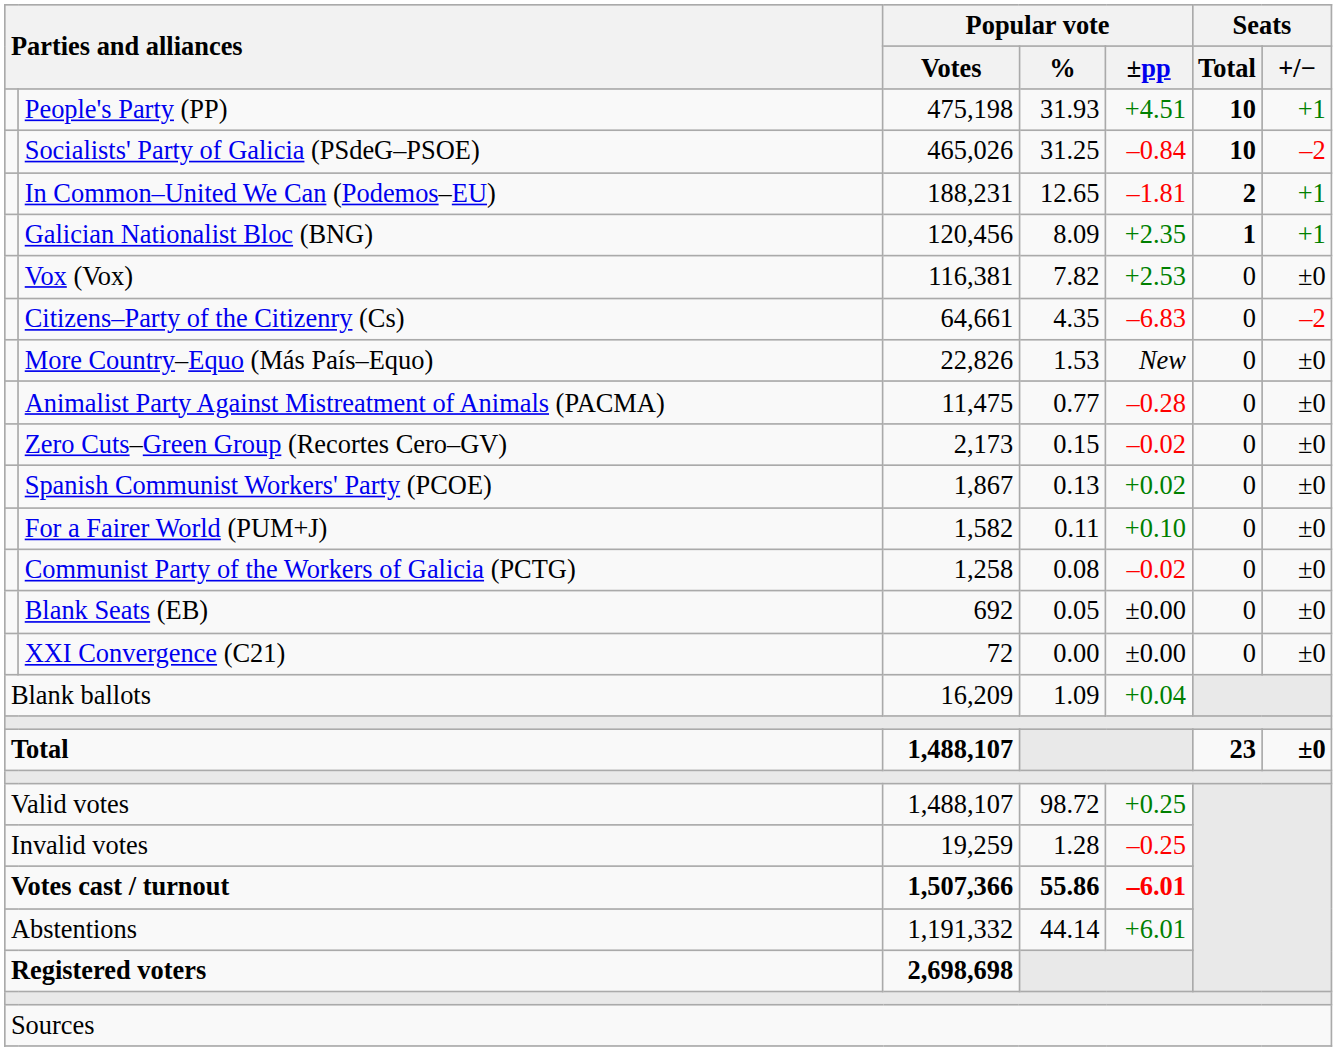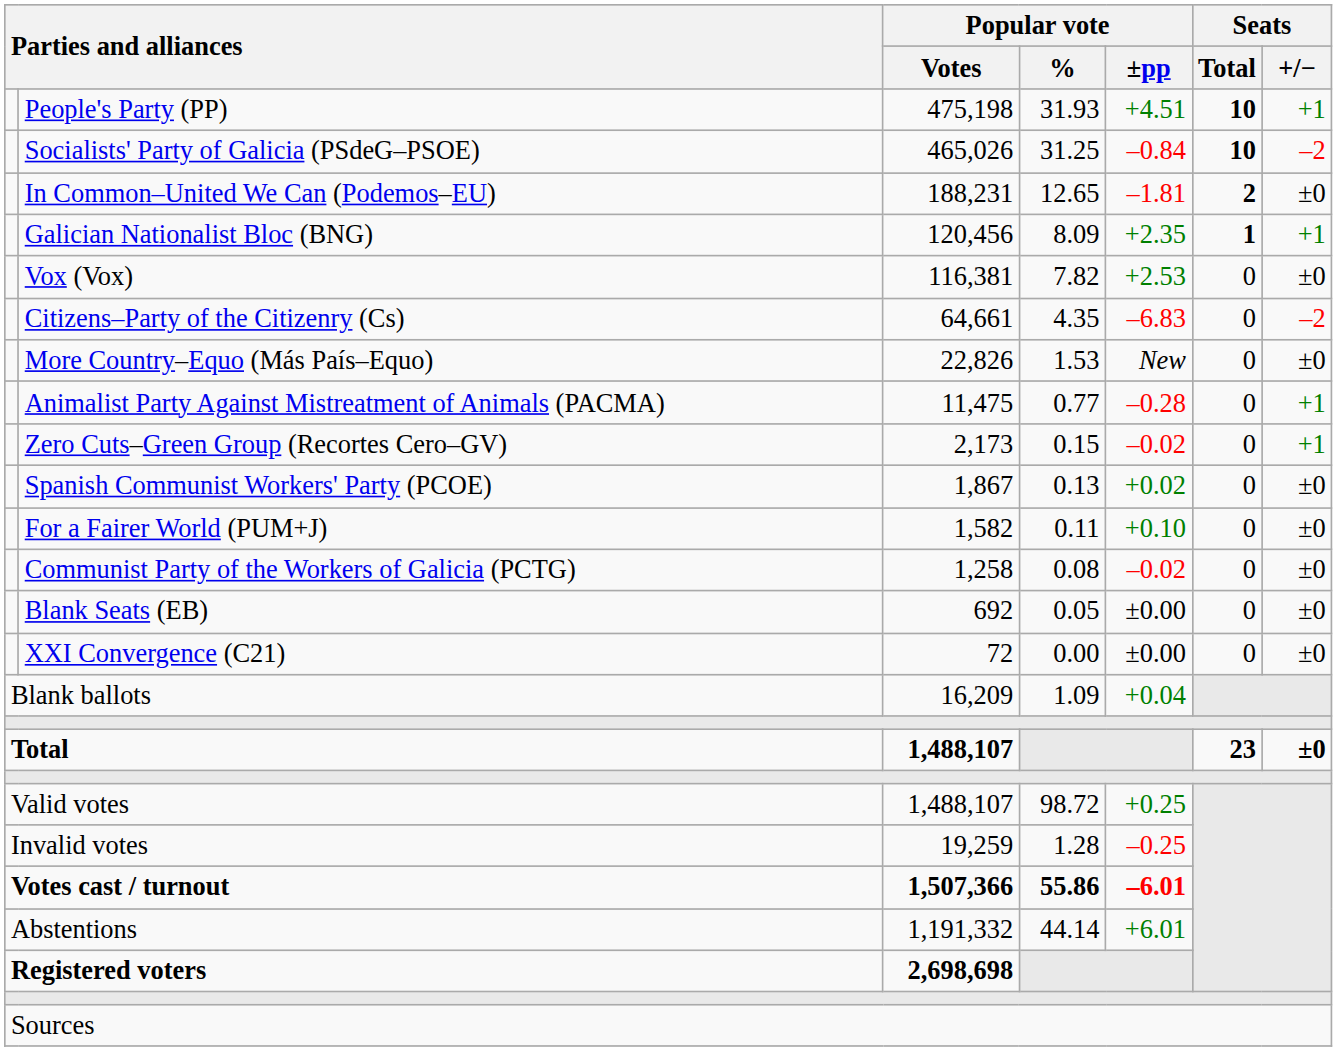 <table class="wikitable" style="text-align:right;">
 <tr>
 <th style="text-align:left;" rowspan="2" colspan="2" width="525">Parties and alliances</th>
 <th colspan="3">Popular vote</th>
 <th colspan="2">Seats</th>
 </tr>
 <tr>
 <th width="75">Votes</th>
 <th width="45">%</th>
 <th width="45">±<a href='#'>pp</a></th>
 <th width="35">Total</th>
 <th width="35">+/−</th>
 </tr>
 <tr>
 <td width="1" style="color:inherit;background:"></td>
 <td align="left"><a href='#'>People's Party</a> (PP)</td>
 <td>475,198</td>
 <td>31.93</td>
 <td style="color:green;">+4.51</td>
 <td><strong>10</strong></td>
 <td style="color:green;">+1</td>
 </tr>
 <tr>
 <td style="color:inherit;background:"></td>
 <td align="left"><a href='#'>Socialists' Party of Galicia</a> (PSdeG–PSOE)</td>
 <td>465,026</td>
 <td>31.25</td>
 <td style="color:red;">–0.84</td>
 <td><strong>10</strong></td>
 <td style="color:red;">–2</td>
 </tr>
 <tr>
 <td style="color:inherit;background:"></td>
 <td align="left"><a href='#'>In Common–United We Can</a> (<a href='#'>Podemos</a>–<a href='#'>EU</a>)</td>
 <td>188,231</td>
 <td>12.65</td>
 <td style="color:red;">–1.81</td>
 <td><strong>2</strong></td>
-<td style="color:green;">+1</td>
+<td>±0</td>
 </tr>
 <tr>
 <td style="color:inherit;background:"></td>
 <td align="left"><a href='#'>Galician Nationalist Bloc</a> (BNG)</td>
 <td>120,456</td>
 <td>8.09</td>
 <td style="color:green;">+2.35</td>
 <td><strong>1</strong></td>
 <td style="color:green;">+1</td>
 </tr>
 <tr>
 <td style="color:inherit;background:"></td>
 <td align="left"><a href='#'>Vox</a> (Vox)</td>
 <td>116,381</td>
 <td>7.82</td>
 <td style="color:green;">+2.53</td>
 <td>0</td>
 <td>±0</td>
 </tr>
 <tr>
 <td style="color:inherit;background:"></td>
 <td align="left"><a href='#'>Citizens–Party of the Citizenry</a> (Cs)</td>
 <td>64,661</td>
 <td>4.35</td>
 <td style="color:red;">–6.83</td>
 <td>0</td>
 <td style="color:red;">–2</td>
 </tr>
 <tr>
 <td style="color:inherit;background:"></td>
 <td align="left"><a href='#'>More Country</a>–<a href='#'>Equo</a> (Más País–Equo)</td>
 <td>22,826</td>
 <td>1.53</td>
 <td><em>New</em></td>
 <td>0</td>
 <td>±0</td>
 </tr>
 <tr>
 <td style="color:inherit;background:"></td>
 <td align="left"><a href='#'>Animalist Party Against Mistreatment of Animals</a> (PACMA)</td>
 <td>11,475</td>
 <td>0.77</td>
 <td style="color:red;">–0.28</td>
 <td>0</td>
-<td>±0</td>
+<td style="color:green;">+1</td>
 </tr>
 <tr>
 <td style="color:inherit;background:"></td>
 <td align="left"><a href='#'>Zero Cuts</a>–<a href='#'>Green Group</a> (Recortes Cero–GV)</td>
 <td>2,173</td>
 <td>0.15</td>
 <td style="color:red;">–0.02</td>
 <td>0</td>
-<td>±0</td>
+<td style="color:green;">+1</td>
 </tr>
 <tr>
 <td style="color:inherit;background:"></td>
 <td align="left"><a href='#'>Spanish Communist Workers' Party</a> (PCOE)</td>
 <td>1,867</td>
 <td>0.13</td>
 <td style="color:green;">+0.02</td>
 <td>0</td>
 <td>±0</td>
 </tr>
 <tr>
 <td style="color:inherit;background:"></td>
 <td align="left"><a href='#'>For a Fairer World</a> (PUM+J)</td>
 <td>1,582</td>
 <td>0.11</td>
 <td style="color:green;">+0.10</td>
 <td>0</td>
 <td>±0</td>
 </tr>
 <tr>
 <td style="color:inherit;background:"></td>
 <td align="left"><a href='#'>Communist Party of the Workers of Galicia</a> (PCTG)</td>
 <td>1,258</td>
 <td>0.08</td>
 <td style="color:red;">–0.02</td>
 <td>0</td>
 <td>±0</td>
 </tr>
 <tr>
 <td style="color:inherit;background:"></td>
 <td align="left"><a href='#'>Blank Seats</a> (EB)</td>
 <td>692</td>
 <td>0.05</td>
 <td>±0.00</td>
 <td>0</td>
 <td>±0</td>
 </tr>
 <tr>
 <td style="color:inherit;background:"></td>
 <td align="left"><a href='#'>XXI Convergence</a> (C21)</td>
 <td>72</td>
 <td>0.00</td>
 <td>±0.00</td>
 <td>0</td>
 <td>±0</td>
 </tr>
 <tr>
 <td align="left" colspan="2">Blank ballots</td>
 <td>16,209</td>
 <td>1.09</td>
 <td style="color:green;">+0.04</td>
 <td bgcolor="#E9E9E9" colspan="2"></td>
 </tr>
 <tr>
 <td colspan="7" bgcolor="#E9E9E9"></td>
 </tr>
 <tr style="font-weight:bold;">
 <td align="left" colspan="2">Total</td>
 <td>1,488,107</td>
 <td bgcolor="#E9E9E9" colspan="2"></td>
 <td>23</td>
 <td>±0</td>
 </tr>
 <tr>
 <td colspan="7" bgcolor="#E9E9E9"></td>
 </tr>
 <tr>
 <td align="left" colspan="2">Valid votes</td>
 <td>1,488,107</td>
 <td>98.72</td>
 <td style="color:green;">+0.25</td>
 <td bgcolor="#E9E9E9" colspan="2" rowspan="5"></td>
 </tr>
 <tr>
 <td align="left" colspan="2">Invalid votes</td>
 <td>19,259</td>
 <td>1.28</td>
 <td style="color:red;">–0.25</td>
 </tr>
 <tr style="font-weight:bold;">
 <td align="left" colspan="2">Votes cast / turnout</td>
 <td>1,507,366</td>
 <td>55.86</td>
 <td style="color:red;">–6.01</td>
 </tr>
 <tr>
 <td align="left" colspan="2">Abstentions</td>
 <td>1,191,332</td>
 <td>44.14</td>
 <td style="color:green;">+6.01</td>
 </tr>
 <tr style="font-weight:bold;">
 <td align="left" colspan="2">Registered voters</td>
 <td>2,698,698</td>
 <td bgcolor="#E9E9E9" colspan="2"></td>
 </tr>
 <tr>
 <td colspan="7" bgcolor="#E9E9E9"></td>
 </tr>
 <tr>
 <td align="left" colspan="7">Sources</td>
 </tr>
 </table>
